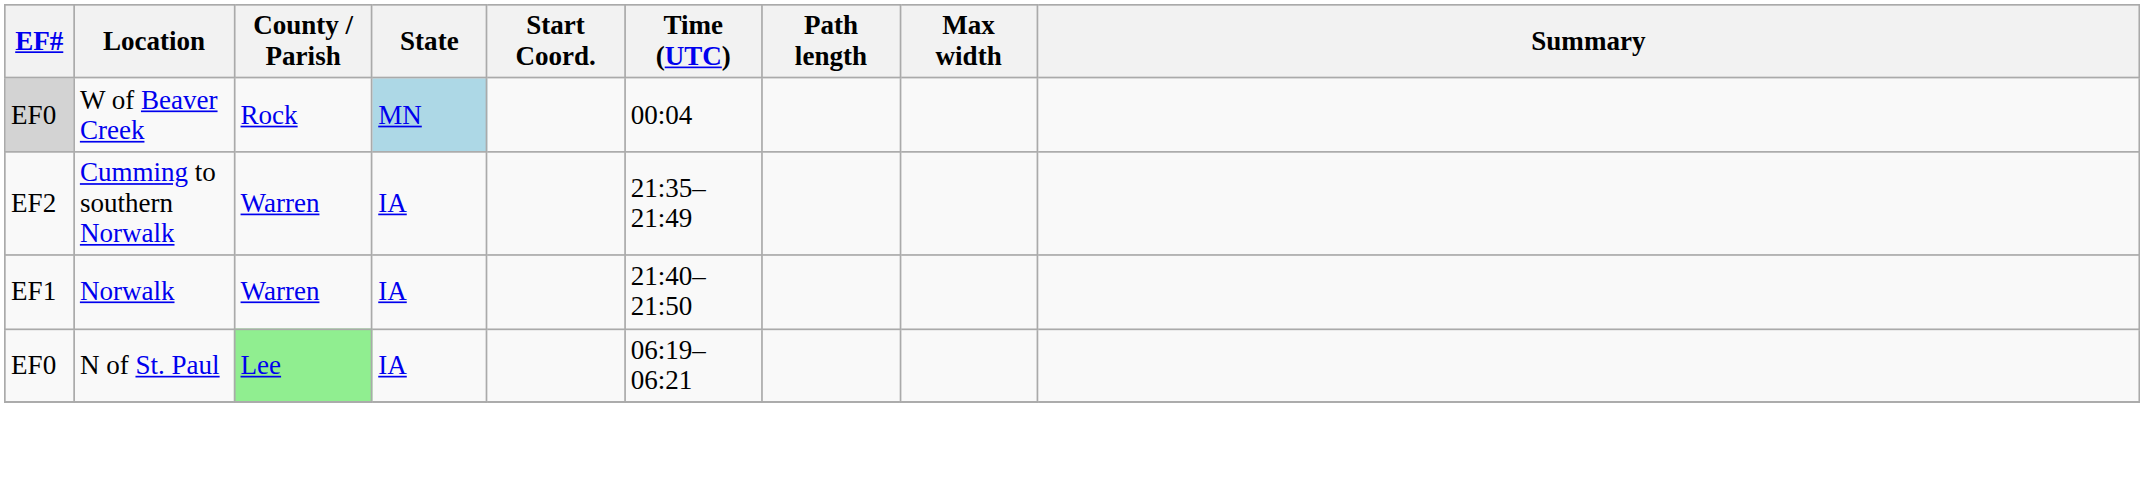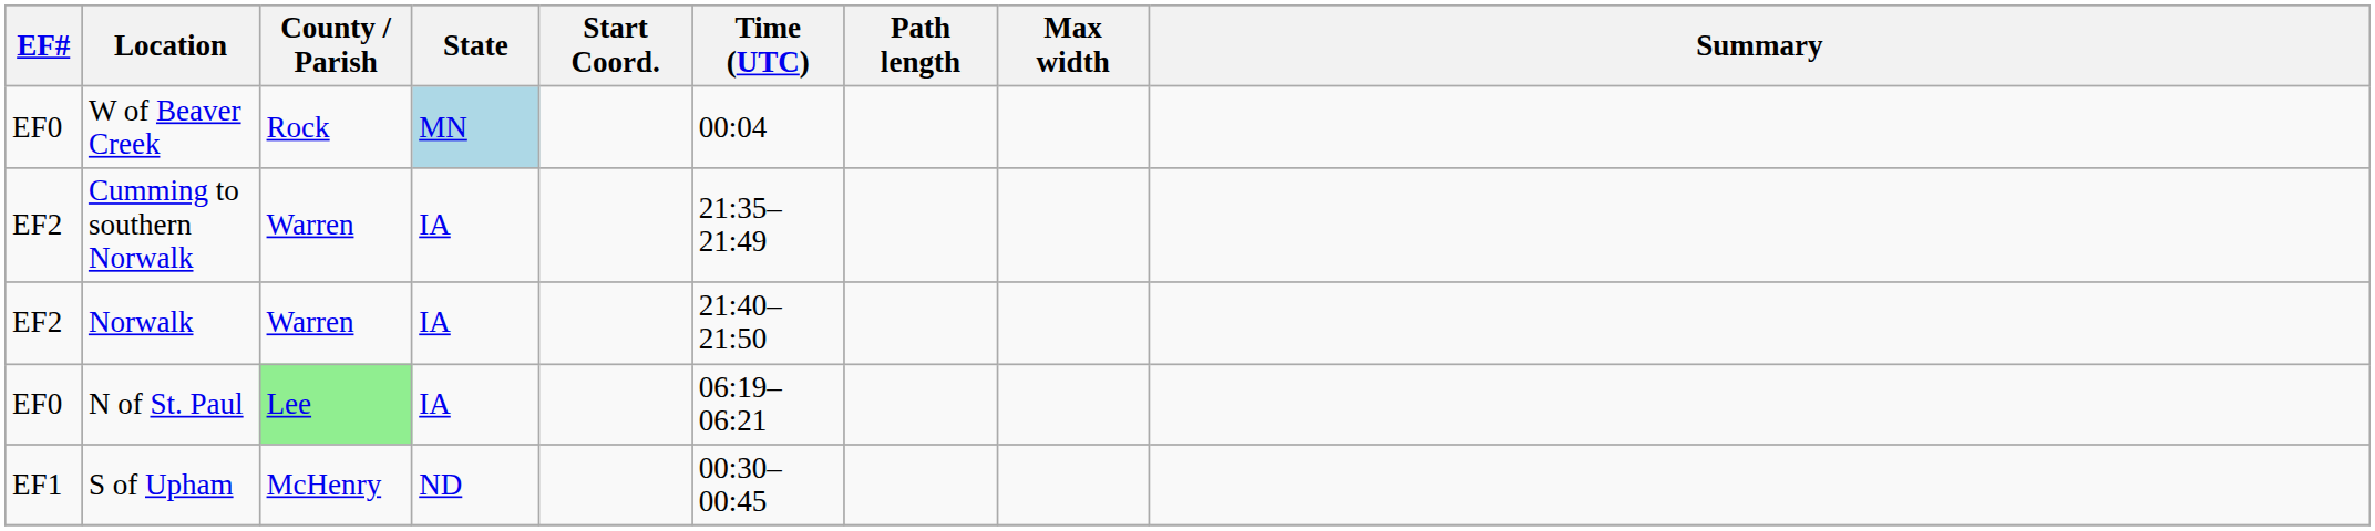 <table class="wikitable sortable" style="width:100%;">
 <tr>
 <th scope="col"  style="width:3%; text-align:center;"><a href='#'>EF#</a></th>
 <th scope="col"  style="width:7%; text-align:center;" class="unsortable">Location</th>
 <th scope="col"  style="width:6%; text-align:center;" class="unsortable">County / Parish</th>
 <th scope="col"  style="width:5%; text-align:center;">State</th>
 <th scope="col"  style="width:6%; text-align:center;">Start Coord.</th>
 <th scope="col"  style="width:6%; text-align:center;">Time (<a href='#'>UTC</a>)</th>
 <th scope="col"  style="width:6%; text-align:center;">Path length</th>
 <th scope="col"  style="width:6%; text-align:center;">Max width</th>
 <th scope="col" class="unsortable" style="width:48%; text-align:center;">Summary</th>
 </tr>
 <tr>
-<td style="background: lightgrey;">EF0</td>
+<td>EF0</td>
 <td>W of <a href='#'>Beaver Creek</a></td>
 <td><a href='#'>Rock</a></td>
 <td style="background: lightblue;"><a href='#'>MN</a></td>
 <td></td>
 <td>00:04</td>
 <td></td>
 <td></td>
 <td></td>
 </tr>
 <tr>
 <td>EF2</td>
 <td><a href='#'>Cumming</a> to southern <a href='#'>Norwalk</a></td>
 <td><a href='#'>Warren</a></td>
 <td><a href='#'>IA</a></td>
 <td></td>
 <td>21:35–21:49</td>
 <td></td>
 <td></td>
 <td></td>
 </tr>
 <tr>
-<td>EF1</td>
+<td>EF2</td>
 <td><a href='#'>Norwalk</a></td>
 <td><a href='#'>Warren</a></td>
 <td><a href='#'>IA</a></td>
 <td></td>
 <td>21:40–21:50</td>
 <td></td>
 <td></td>
 <td></td>
 </tr>
 <tr>
 <td>EF0</td>
 <td>N of <a href='#'>St. Paul</a></td>
 <td style="background: lightgreen;"><a href='#'>Lee</a></td>
 <td><a href='#'>IA</a></td>
 <td></td>
 <td>06:19–06:21</td>
 <td></td>
 <td></td>
 <td></td>
 </tr>
 <tr>
+<td>EF1</td>
+<td>S of <a href='#'>Upham</a></td>
+<td><a href='#'>McHenry</a></td>
+<td><a href='#'>ND</a></td>
+<td></td>
+<td>00:30–00:45</td>
+<td></td>
+<td></td>
+<td></td>
+</tr>
+<tr>
 </tr>
 </table>
